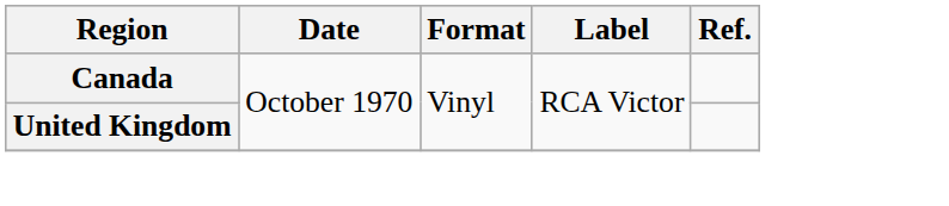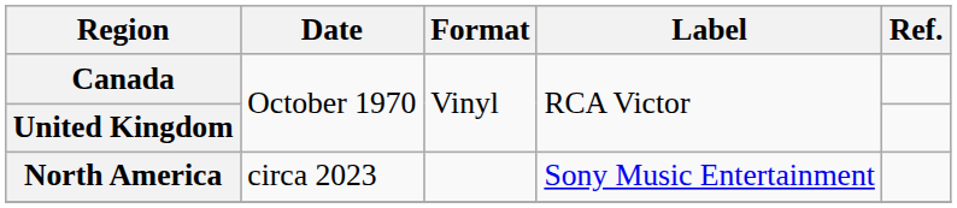 <table class="wikitable plainrowheaders">
 <tr>
 <th scope="col">Region</th>
 <th scope="col">Date</th>
 <th scope="col">Format</th>
 <th scope="col">Label</th>
 <th scope="col">Ref.</th>
 </tr>
 <tr>
 <th scope="row">Canada</th>
 <td rowspan="2">October 1970</td>
 <td rowspan="2">Vinyl</td>
 <td rowspan="2">RCA Victor</td>
 <td></td>
 </tr>
 <tr>
 <th scope="row">United Kingdom</th>
 <td></td>
 </tr>
 <tr>
+<th scope="row">North America</th>
+<td>circa 2023</td>
+<td></td>
+<td><a href='#'>Sony Music Entertainment</a></td>
+<td></td>
+</tr>
+<tr>
 </tr>
 </table>
